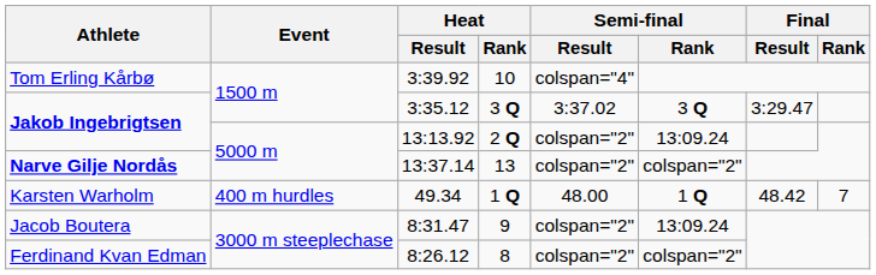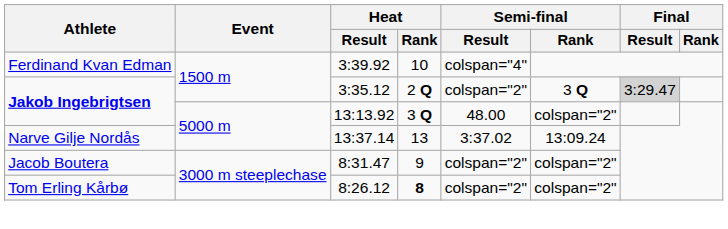 <table class="wikitable" style="font-size:90%">
 <tr>
 <th rowspan="2">Athlete</th>
 <th rowspan="2">Event</th>
 <th colspan="2">Heat</th>
 <th colspan="2">Semi-final</th>
 <th colspan="2">Final</th>
 </tr>
 <tr style="font-size:95%">
 <th>Result</th>
 <th>Rank</th>
 <th>Result</th>
 <th>Rank</th>
 <th>Result</th>
 <th>Rank</th>
 </tr>
 <tr align=center>
-<td align="left"><a href='#'>Tom Erling Kårbø</a></td>
+<td align="left"><a href='#'>Ferdinand Kvan Edman</a></td>
 <td rowspan="2" align="left"><a href='#'>1500 m</a></td>
 <td>3:39.92</td>
 <td>10</td>
 <td>colspan="4" </td>
 </tr>
 <tr align=center>
 <td rowspan="2" align="left"><strong><a href='#'>Jakob Ingebrigtsen</a></strong></td>
 <td>3:35.12</td>
+<td>2 <strong>Q</strong></td>
+<td>colspan="2" </td>
 <td>3 <strong>Q</strong></td>
-<td>3:37.02</td>
-<td>3 <strong>Q</strong></td>
-<td>3:29.47 </td>
+<td style="background: lightgrey;">3:29.47 </td>
 <td></td>
 </tr>
 <tr align=center>
 <td rowspan="2" align="left"><a href='#'>5000 m</a></td>
 <td>13:13.92</td>
-<td>2 <strong>Q</strong></td>
+<td>3 <strong>Q</strong></td>
+<td>48.00 </td>
 <td>colspan="2" </td>
-<td>13:09.24</td>
 <td></td>
 </tr>
 <tr align=center>
-<td align="left"><strong><a href='#'>Narve Gilje Nordås</a></strong></td>
+<td align="left"><a href='#'>Narve Gilje Nordås</a></td>
 <td>13:37.14</td>
 <td>13</td>
-<td>colspan="2" </td>
-<td>colspan="2" </td>
-</tr>
-<tr align=center>
-<td align="left"><a href='#'>Karsten Warholm</a></td>
-<td align="left"><a href='#'>400 m hurdles</a></td>
-<td>49.34 </td>
-<td>1 <strong>Q</strong></td>
-<td>48.00 </td>
-<td>1 <strong>Q</strong></td>
-<td>48.42</td>
-<td>7</td>
+<td>3:37.02</td>
+<td>13:09.24</td>
 </tr>
 <tr align=center>
 <td align="left"><a href='#'>Jacob Boutera</a></td>
 <td rowspan="2" align="left"><a href='#'>3000 m steeplechase</a></td>
 <td>8:31.47</td>
 <td>9</td>
 <td>colspan="2" </td>
-<td>13:09.24</td>
+<td>colspan="2" </td>
 </tr>
 <tr align=center>
-<td align="left"><a href='#'>Ferdinand Kvan Edman</a></td>
+<td align="left"><a href='#'>Tom Erling Kårbø</a></td>
 <td>8:26.12 </td>
-<td>8</td>
+<td><strong>8</strong></td>
 <td>colspan="2" </td>
 <td>colspan="2" </td>
 </tr>
 </table>
